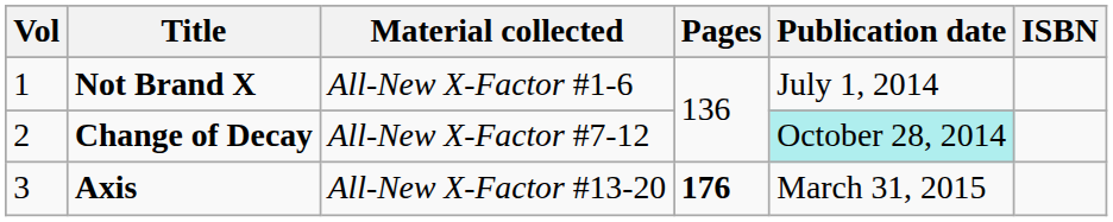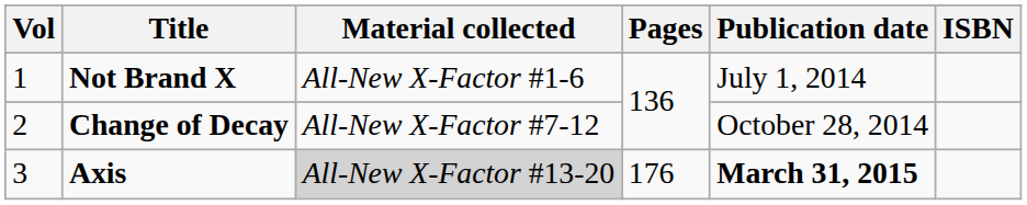 <table class="wikitable">
 <tr>
 <th>Vol</th>
 <th>Title</th>
 <th>Material collected</th>
 <th>Pages</th>
 <th>Publication date</th>
 <th>ISBN</th>
 </tr>
 <tr>
 <td>1</td>
 <td><strong>Not Brand X</strong></td>
 <td><em>All-New X-Factor</em> #1-6</td>
 <td rowspan="2">136</td>
 <td>July 1, 2014</td>
 <td></td>
 </tr>
 <tr>
 <td>2</td>
 <td><strong>Change of Decay</strong></td>
 <td><em>All-New X-Factor</em> #7-12</td>
-<td style="background: paleturquoise;">October 28, 2014</td>
+<td>October 28, 2014</td>
 <td></td>
 </tr>
 <tr>
 <td>3</td>
 <td><strong>Axis</strong></td>
-<td><em>All-New X-Factor</em> #13-20</td>
-<td><strong>176</strong></td>
-<td>March 31, 2015</td>
+<td style="background: lightgrey;"><em>All-New X-Factor</em> #13-20</td>
+<td>176</td>
+<td><strong>March 31, 2015</strong></td>
 <td></td>
 </tr>
 </table>
